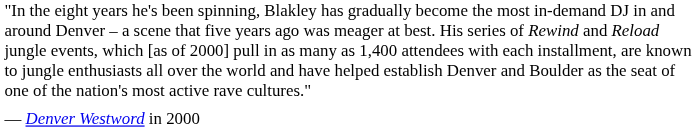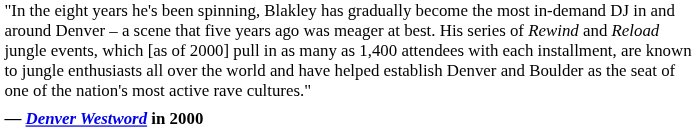 <table class="toccolours" style="float: left; margin-left: 0em; margin-right: 1em; font-size: 85%; background:offwhite; color:black; width:42em; max-width: 40%;" cellspacing="5">
 <tr>
 <td style="text-align: left;">"In the eight years he's been spinning, Blakley has gradually become the most in-demand DJ in and around Denver – a scene that five years ago was meager at best. His series of <em>Rewind</em> and <em>Reload</em> jungle events, which [as of 2000] pull in as many as 1,400 attendees with each installment, are known to jungle enthusiasts all over the world and have helped establish Denver and Boulder as the seat of one of the nation's most active rave cultures."</td>
 </tr>
 <tr>
-<td style="text-align: left;">— <em><a href='#'>Denver Westword</a></em> in 2000</td>
+<td style="text-align: left;"><strong>— <em><a href='#'>Denver Westword</a></em> in 2000</strong></td>
 </tr>
 </table>
